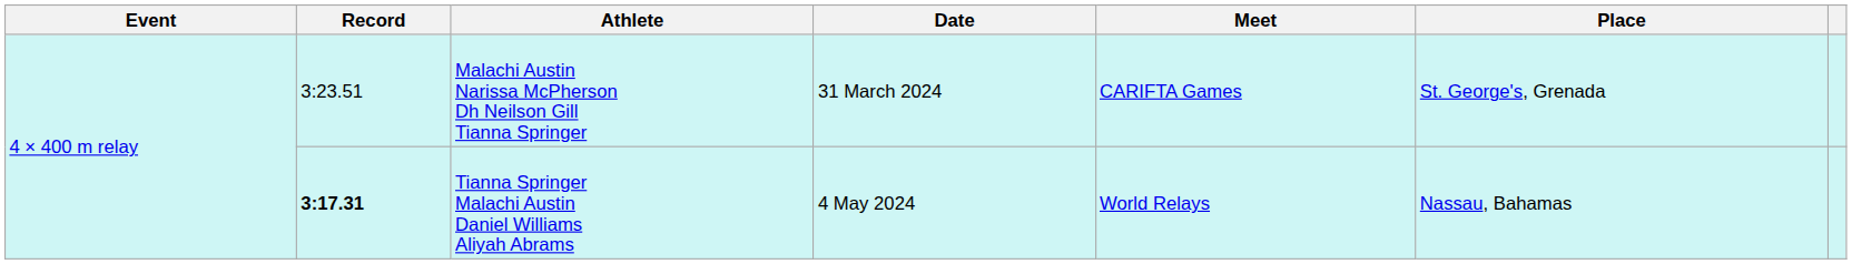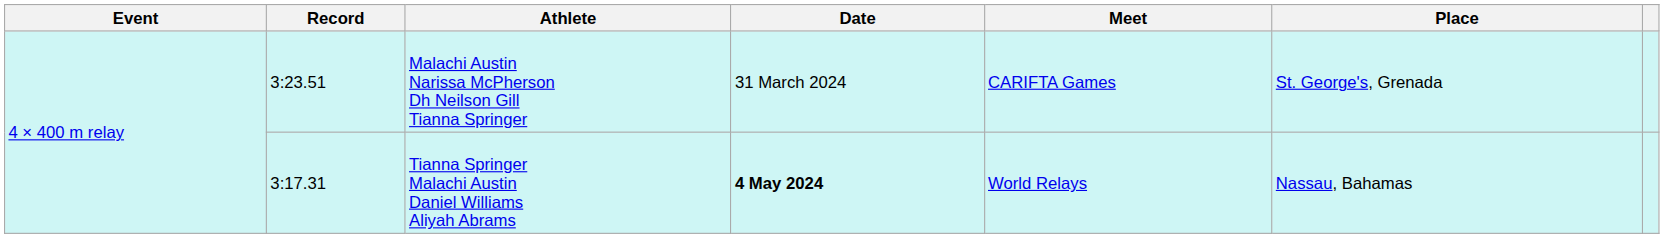 <table class="wikitable" style="font-size: 95%; width: 95%;">
 <tr>
 <th>Event</th>
 <th>Record</th>
 <th>Athlete</th>
 <th>Date</th>
 <th>Meet</th>
 <th>Place</th>
 <th></th>
 </tr>
 <tr style="background:#cef6f5;">
 <td rowspan=2><a href='#'>4 × 400 m relay</a></td>
 <td>3:23.51</td>
 <td><br><a href='#'>Malachi Austin</a><br><a href='#'>Narissa McPherson</a><br><a href='#'>Dh Neilson Gill</a><br><a href='#'>Tianna Springer</a></td>
 <td>31 March 2024</td>
 <td><a href='#'>CARIFTA Games</a></td>
 <td><a href='#'>St. George's</a>, Grenada</td>
 <td></td>
 </tr>
 <tr bgcolor=#CEF6F5>
-<td><strong>3:17.31</strong></td>
+<td>3:17.31</td>
 <td><br><a href='#'>Tianna Springer</a><br><a href='#'>Malachi Austin</a><br><a href='#'>Daniel Williams</a><br><a href='#'>Aliyah Abrams</a></td>
-<td>4 May 2024</td>
+<td><strong>4 May 2024</strong></td>
 <td><a href='#'>World Relays</a></td>
 <td><a href='#'>Nassau</a>, Bahamas</td>
 <td></td>
 </tr>
 </table>
